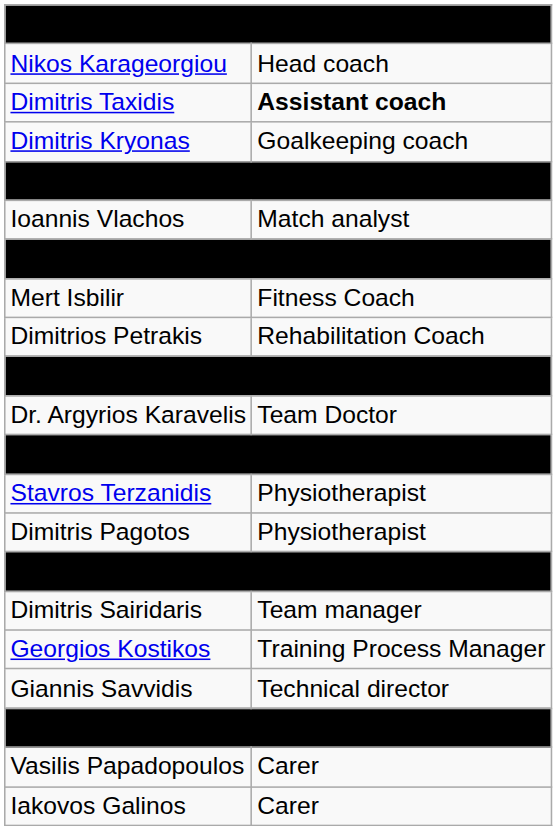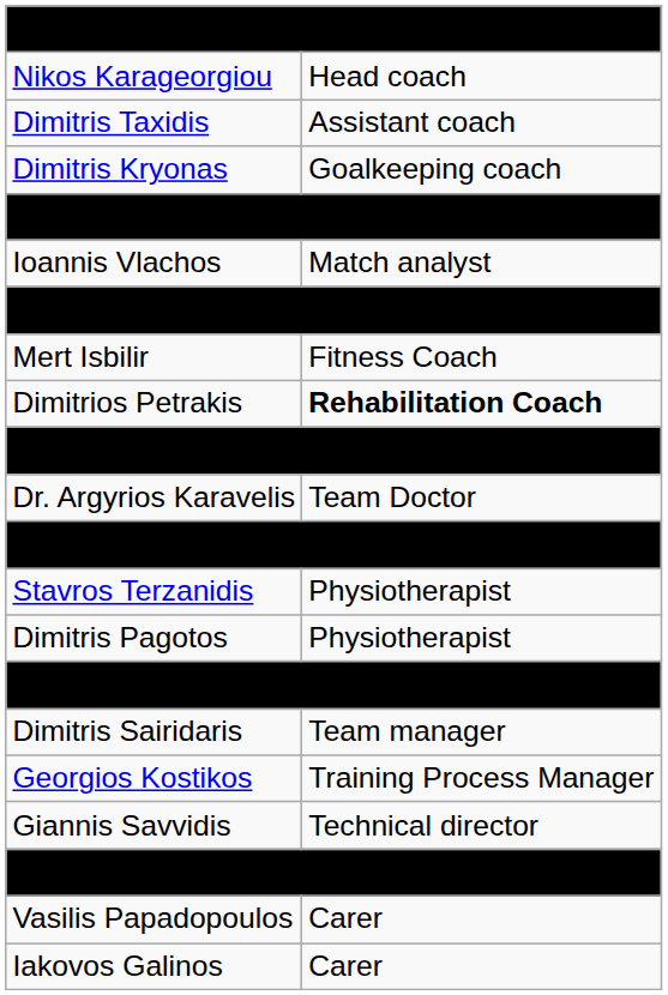 <table class="wikitable">
 <tr>
 <th colspan="2" style="background:black;"><span>Coaching staff</span></th>
 </tr>
 <tr>
 <td> <a href='#'>Nikos Karageorgiou</a></td>
 <td>Head coach</td>
 </tr>
 <tr>
 <td> <a href='#'>Dimitris Taxidis</a></td>
-<td><strong>Assistant coach</strong></td>
+<td>Assistant coach</td>
 </tr>
 <tr>
 <td> <a href='#'>Dimitris Kryonas</a></td>
 <td>Goalkeeping coach</td>
 </tr>
 <tr>
 <th colspan="2" style="background:black;"><span>Analysis department</span></th>
 </tr>
 <tr>
 <td> Ioannis Vlachos</td>
 <td>Match analyst</td>
 </tr>
 <tr>
 <th colspan="2" style="background:black;"><span>Fitness coaches</span></th>
 </tr>
 <tr>
 <td> Mert Isbilir</td>
 <td>Fitness Coach</td>
 </tr>
 <tr>
 <td> Dimitrios Petrakis</td>
-<td>Rehabilitation Coach</td>
+<td><strong>Rehabilitation Coach</strong></td>
 </tr>
 <tr>
 <th colspan="2" style="background:black;"><span>Medical department</span></th>
 </tr>
 <tr>
 <td> Dr. Argyrios Karavelis</td>
 <td>Team Doctor</td>
 </tr>
 <tr>
 <th colspan="2" style="background:black;"><span>Physiotherapist</span></th>
 </tr>
 <tr>
 <td> <a href='#'>Stavros Terzanidis</a></td>
 <td>Physiotherapist</td>
 </tr>
 <tr>
 <td> Dimitris Pagotos</td>
 <td>Physiotherapist</td>
 </tr>
 <tr>
 <th colspan="3" style="background:black;"><span>Sport management</span></th>
 </tr>
 <tr>
 <td> Dimitris Sairidaris</td>
 <td>Team manager</td>
 </tr>
 <tr>
 <td> <a href='#'>Georgios Kostikos</a></td>
 <td>Training Process Manager</td>
 </tr>
 <tr>
 <td> Giannis Savvidis</td>
 <td>Technical director</td>
 </tr>
 <tr>
 <th colspan="2" style="background:black;"><span>Carer</span></th>
 </tr>
 <tr>
 <td> Vasilis Papadopoulos</td>
 <td>Carer</td>
 </tr>
 <tr>
 <td> Iakovos Galinos</td>
 <td>Carer</td>
 </tr>
 <tr>
 </tr>
 </table>
